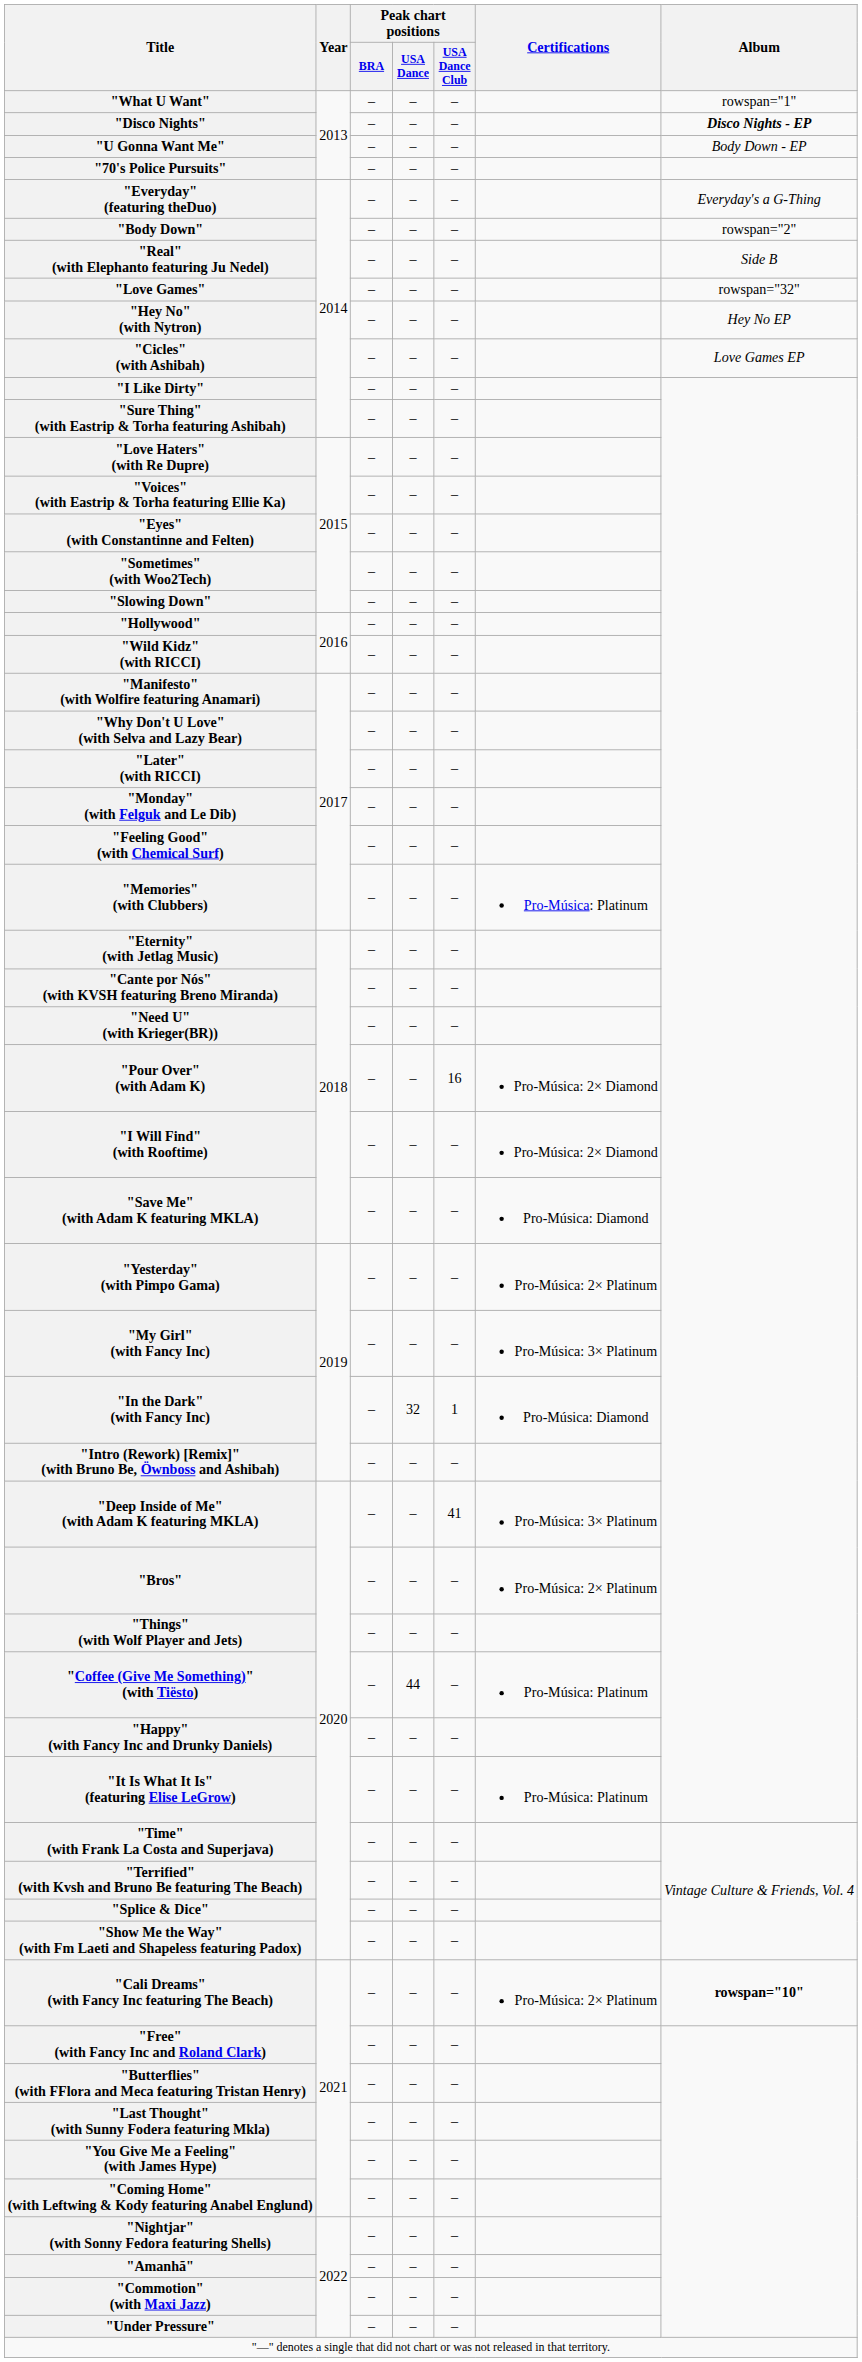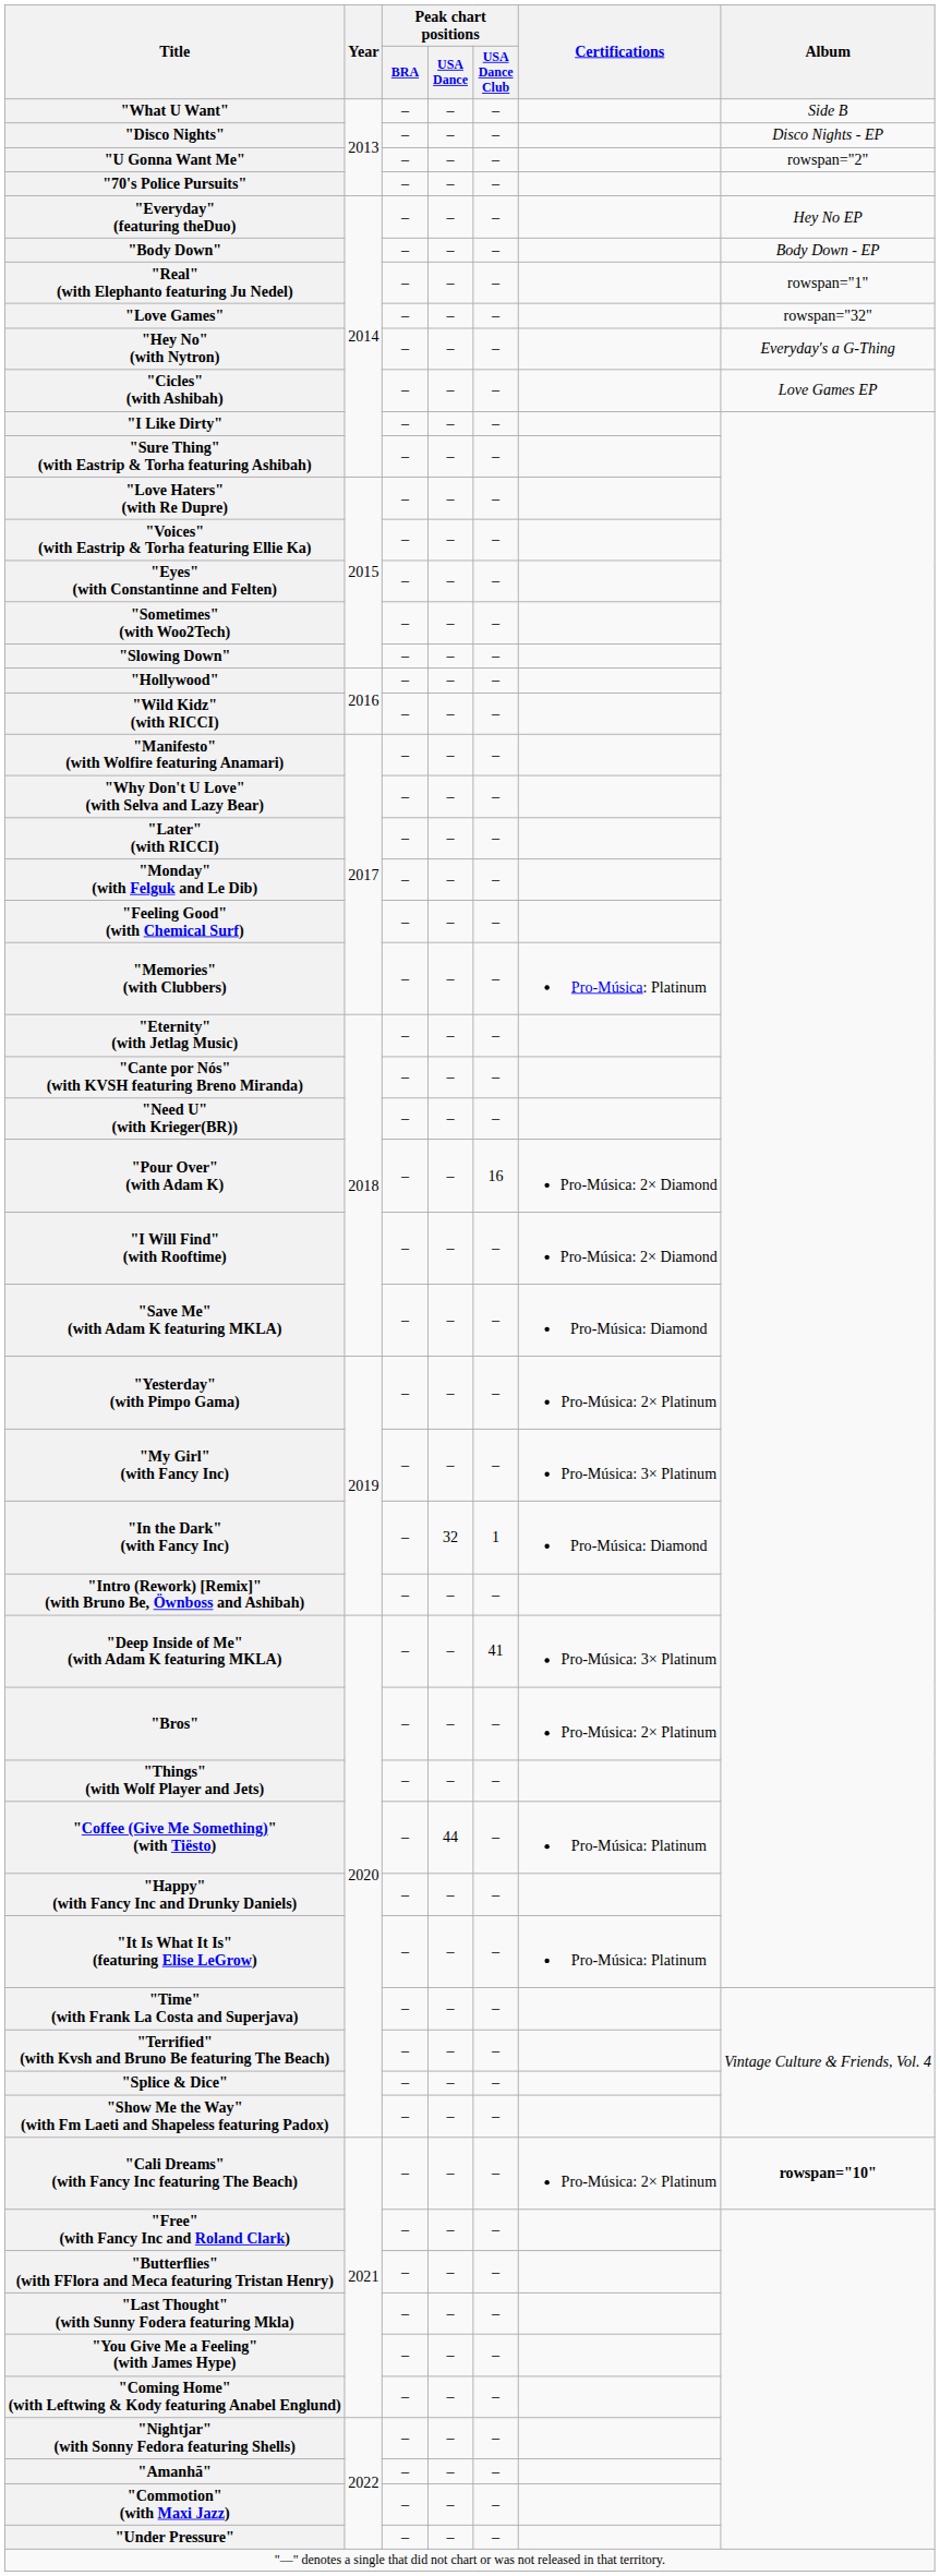 <table class="wikitable plainrowheaders" style="text-align:center;">
 <tr>
 <th rowspan="2" scope="col">Title</th>
 <th rowspan="2" scope="col">Year</th>
 <th colspan="3">Peak chart positions</th>
 <th rowspan="2"><a href='#'>Certifications</a></th>
 <th rowspan="2">Album</th>
 </tr>
 <tr>
 <th scope="col" style="width:3em;font-size:85%;"><a href='#'>BRA</a></th>
 <th scope="col" style="width:3em;font-size:85%;"><a href='#'>USA<br>Dance</a><br></th>
 <th scope="col" style="width:3em;font-size:85%;"><a href='#'>USA<br>Dance Club</a><br></th>
 </tr>
 <tr>
 <th scope="row">"What U Want"</th>
 <td rowspan="4">2013</td>
 <td>–</td>
 <td>–</td>
 <td>–</td>
 <td></td>
-<td>rowspan="1" </td>
+<td><em>Side B</em></td>
 </tr>
 <tr>
 <th scope="row">"Disco Nights"</th>
 <td>–</td>
 <td>–</td>
 <td>–</td>
 <td></td>
-<td><strong><em>Disco Nights - EP</em></strong></td>
+<td><em>Disco Nights - EP</em></td>
 </tr>
 <tr>
 <th scope="row">"U Gonna Want Me"</th>
 <td>–</td>
 <td>–</td>
 <td>–</td>
 <td></td>
-<td><em>Body Down - EP</em></td>
+<td>rowspan="2" </td>
 </tr>
 <tr>
 <th scope="row">"70's Police Pursuits"</th>
 <td>–</td>
 <td>–</td>
 <td>–</td>
 <td></td>
 </tr>
 <tr>
 <th scope="row">"Everyday"<br><span>(featuring theDuo)</span></th>
 <td rowspan="8">2014</td>
 <td>–</td>
 <td>–</td>
 <td>–</td>
 <td></td>
-<td><em>Everyday's a G-Thing</em></td>
+<td><em>Hey No EP</em></td>
 </tr>
 <tr>
 <th scope="row">"Body Down"</th>
 <td>–</td>
 <td>–</td>
 <td>–</td>
 <td></td>
-<td>rowspan="2" </td>
+<td><em>Body Down - EP</em></td>
 </tr>
 <tr>
 <th scope="row">"Real"<br><span>(with Elephanto featuring Ju Nedel)</span></th>
 <td>–</td>
 <td>–</td>
 <td>–</td>
 <td></td>
-<td><em>Side B</em></td>
+<td>rowspan="1" </td>
 </tr>
 <tr>
 <th scope="row">"Love Games"</th>
 <td>–</td>
 <td>–</td>
 <td>–</td>
 <td></td>
 <td>rowspan="32" </td>
 </tr>
 <tr>
 <th scope="row">"Hey No"<br><span>(with Nytron)</span></th>
 <td>–</td>
 <td>–</td>
 <td>–</td>
 <td></td>
-<td><em>Hey No EP</em></td>
+<td><em>Everyday's a G-Thing</em></td>
 </tr>
 <tr>
 <th scope="row">"Cicles"<br><span>(with Ashibah)</span></th>
 <td>–</td>
 <td>–</td>
 <td>–</td>
 <td></td>
 <td><em>Love Games EP</em></td>
 </tr>
 <tr>
 <th scope="row">"I Like Dirty"</th>
 <td>–</td>
 <td>–</td>
 <td>–</td>
 <td></td>
 </tr>
 <tr>
 <th scope="row">"Sure Thing"<br><span>(with Eastrip & Torha featuring Ashibah)</span></th>
 <td>–</td>
 <td>–</td>
 <td>–</td>
 <td></td>
 </tr>
 <tr>
 <th scope="row">"Love Haters"<br><span>(with Re Dupre)</span></th>
 <td rowspan="5">2015</td>
 <td>–</td>
 <td>–</td>
 <td>–</td>
 <td></td>
 </tr>
 <tr>
 <th scope="row">"Voices"<br><span>(with Eastrip & Torha featuring Ellie Ka)</span></th>
 <td>–</td>
 <td>–</td>
 <td>–</td>
 <td></td>
 </tr>
 <tr>
 <th scope="row">"Eyes"<br><span>(with Constantinne and Felten)</span></th>
 <td>–</td>
 <td>–</td>
 <td>–</td>
 <td></td>
 </tr>
 <tr>
 <th scope="row">"Sometimes"<br><span>(with Woo2Tech)</span></th>
 <td>–</td>
 <td>–</td>
 <td>–</td>
 <td></td>
 </tr>
 <tr>
 <th scope="row">"Slowing Down"</th>
 <td>–</td>
 <td>–</td>
 <td>–</td>
 <td></td>
 </tr>
 <tr>
 <th scope="row">"Hollywood"</th>
 <td rowspan="2">2016</td>
 <td>–</td>
 <td>–</td>
 <td>–</td>
 <td></td>
 </tr>
 <tr>
 <th scope="row">"Wild Kidz"<br><span>(with RICCI)</span></th>
 <td>–</td>
 <td>–</td>
 <td>–</td>
 <td></td>
 </tr>
 <tr>
 <th scope="row">"Manifesto"<br><span>(with Wolfire featuring Anamari)</span></th>
 <td rowspan="6">2017</td>
 <td>–</td>
 <td>–</td>
 <td>–</td>
 <td></td>
 </tr>
 <tr>
 <th scope="row">"Why Don't U Love"<br><span>(with Selva and Lazy Bear)</span></th>
 <td>–</td>
 <td>–</td>
 <td>–</td>
 <td></td>
 </tr>
 <tr>
 <th scope="row">"Later"<br><span>(with RICCI)</span></th>
 <td>–</td>
 <td>–</td>
 <td>–</td>
 <td></td>
 </tr>
 <tr>
 <th scope="row">"Monday"<br><span>(with <a href='#'>Felguk</a> and Le Dib)</span></th>
 <td>–</td>
 <td>–</td>
 <td>–</td>
 <td></td>
 </tr>
 <tr>
 <th scope="row">"Feeling Good"<br><span>(with <a href='#'>Chemical Surf</a>)</span></th>
 <td>–</td>
 <td>–</td>
 <td>–</td>
 <td></td>
 </tr>
 <tr>
 <th scope="row">"Memories"<br><span>(with Clubbers)</span></th>
 <td>–</td>
 <td>–</td>
 <td>–</td>
 <td><br><ul><li><a href='#'>Pro-Música</a>: Platinum</li></ul></td>
 </tr>
 <tr>
 <th scope="row">"Eternity"<br><span>(with Jetlag Music)</span></th>
 <td rowspan="6">2018</td>
 <td>–</td>
 <td>–</td>
 <td>–</td>
 <td></td>
 </tr>
 <tr>
 <th scope="row">"Cante por Nós"<br><span>(with KVSH featuring Breno Miranda)</span></th>
 <td>–</td>
 <td>–</td>
 <td>–</td>
 <td></td>
 </tr>
 <tr>
 <th scope="row">"Need U"<br><span>(with Krieger(BR))</span></th>
 <td>–</td>
 <td>–</td>
 <td>–</td>
 <td></td>
 </tr>
 <tr>
 <th scope="row">"Pour Over"<br><span>(with Adam K)</span></th>
 <td>–</td>
 <td>–</td>
 <td>16</td>
 <td><br><ul><li>Pro-Música: 2× Diamond</li></ul></td>
 </tr>
 <tr>
 <th scope="row">"I Will Find"<br><span>(with Rooftime)</span></th>
 <td>–</td>
 <td>–</td>
 <td>–</td>
 <td><br><ul><li>Pro-Música: 2× Diamond</li></ul></td>
 </tr>
 <tr>
 <th scope="row">"Save Me"<br><span>(with Adam K featuring MKLA)</span></th>
 <td>–</td>
 <td>–</td>
 <td>–</td>
 <td><br><ul><li>Pro-Música: Diamond</li></ul></td>
 </tr>
 <tr>
 <th scope="row">"Yesterday"<br><span>(with Pimpo Gama)</span></th>
 <td rowspan="4">2019</td>
 <td>–</td>
 <td>–</td>
 <td>–</td>
 <td><br><ul><li>Pro-Música: 2× Platinum</li></ul></td>
 </tr>
 <tr>
 <th scope="row">"My Girl"<br><span>(with Fancy Inc)</span></th>
 <td>–</td>
 <td>–</td>
 <td>–</td>
 <td><br><ul><li>Pro-Música: 3× Platinum</li></ul></td>
 </tr>
 <tr>
 <th scope="row">"In the Dark"<br><span>(with Fancy Inc)</span></th>
 <td>–</td>
 <td>32</td>
 <td>1</td>
 <td><br><ul><li>Pro-Música: Diamond</li></ul></td>
 </tr>
 <tr>
 <th scope="row">"Intro (Rework) [Remix]"<br><span>(with Bruno Be, <a href='#'>Öwnboss</a> and Ashibah)</span></th>
 <td>–</td>
 <td>–</td>
 <td>–</td>
 <td></td>
 </tr>
 <tr>
 <th scope="row">"Deep Inside of Me"<br><span>(with Adam K featuring MKLA)</span></th>
 <td rowspan="10">2020</td>
 <td>–</td>
 <td>–</td>
 <td>41</td>
 <td><br><ul><li>Pro-Música: 3× Platinum</li></ul></td>
 </tr>
 <tr>
 <th scope="row">"Bros"</th>
 <td>–</td>
 <td>–</td>
 <td>–</td>
 <td><br><ul><li>Pro-Música: 2× Platinum</li></ul></td>
 </tr>
 <tr>
 <th scope="row">"Things" <br><span>(with Wolf Player and Jets)</span></th>
 <td>–</td>
 <td>–</td>
 <td>–</td>
 <td></td>
 </tr>
 <tr>
 <th scope="row">"<a href='#'>Coffee (Give Me Something)</a>"<br><span>(with <a href='#'>Tiësto</a>)</span></th>
 <td>–</td>
 <td>44</td>
 <td>–</td>
 <td><br><ul><li>Pro-Música: Platinum</li></ul></td>
 </tr>
 <tr>
 <th scope="row">"Happy" <br><span>(with Fancy Inc and Drunky Daniels)</span></th>
 <td>–</td>
 <td>–</td>
 <td>–</td>
 <td></td>
 </tr>
 <tr>
 <th scope="row">"It Is What It Is" <br><span>(featuring <a href='#'>Elise LeGrow</a>)</span></th>
 <td>–</td>
 <td>–</td>
 <td>–</td>
 <td><br><ul><li>Pro-Música: Platinum</li></ul></td>
 </tr>
 <tr>
 <th scope="row">"Time" <br><span>(with Frank La Costa and Superjava)</span></th>
 <td>–</td>
 <td>–</td>
 <td>–</td>
 <td></td>
 <td rowspan="4"><em>Vintage Culture & Friends, Vol. 4</em></td>
 </tr>
 <tr>
 <th scope="row">"Terrified" <br><span>(with Kvsh and Bruno Be featuring The Beach)</span></th>
 <td>–</td>
 <td>–</td>
 <td>–</td>
 <td></td>
 </tr>
 <tr>
 <th scope="row">"Splice & Dice"</th>
 <td>–</td>
 <td>–</td>
 <td>–</td>
 <td></td>
 </tr>
 <tr>
 <th scope="row">"Show Me the Way" <br><span>(with Fm Laeti and Shapeless featuring Padox)</span></th>
 <td>–</td>
 <td>–</td>
 <td>–</td>
 <td></td>
 </tr>
 <tr>
 <th scope="row">"Cali Dreams" <br><span>(with Fancy Inc featuring The Beach)</span></th>
 <td rowspan="6">2021</td>
 <td>–</td>
 <td>–</td>
 <td>–</td>
 <td><br><ul><li>Pro-Música: 2× Platinum</li></ul></td>
 <td><strong>rowspan="10" </strong></td>
 </tr>
 <tr>
 <th scope="row">"Free" <br><span>(with Fancy Inc and <a href='#'>Roland Clark</a>)</span></th>
 <td>–</td>
 <td>–</td>
 <td>–</td>
 <td></td>
 </tr>
 <tr>
 <th scope="row">"Butterflies" <br><span>(with FFlora and Meca featuring Tristan Henry)</span></th>
 <td>–</td>
 <td>–</td>
 <td>–</td>
 <td></td>
 </tr>
 <tr>
 <th scope="row">"Last Thought" <br><span>(with Sunny Fodera featuring Mkla)</span></th>
 <td>–</td>
 <td>–</td>
 <td>–</td>
 <td></td>
 </tr>
 <tr>
 <th scope="row">"You Give Me a Feeling" <br><span>(with James Hype)</span></th>
 <td>–</td>
 <td>–</td>
 <td>–</td>
 <td></td>
 </tr>
 <tr>
 <th scope="row">"Coming Home" <br><span>(with Leftwing & Kody featuring Anabel Englund)</span></th>
 <td>–</td>
 <td>–</td>
 <td>–</td>
 <td></td>
 </tr>
 <tr>
 <th scope="row">"Nightjar" <br><span>(with Sonny Fedora featuring Shells)</span></th>
 <td rowspan="4">2022</td>
 <td>–</td>
 <td>–</td>
 <td>–</td>
 <td></td>
 </tr>
 <tr>
 <th scope="row">"Amanhã"</th>
 <td>–</td>
 <td>–</td>
 <td>–</td>
 <td></td>
 </tr>
 <tr>
 <th scope="row">"Commotion" <br><span>(with <a href='#'>Maxi Jazz</a>)</span></th>
 <td>–</td>
 <td>–</td>
 <td>–</td>
 <td></td>
 </tr>
 <tr>
 <th scope="row">"Under Pressure"<br></th>
 <td>–</td>
 <td>–</td>
 <td>–</td>
 <td></td>
 </tr>
 <tr>
 <td colspan="7" style="font-size:85%">"—" denotes a single that did not chart or was not released in that territory.</td>
 </tr>
 </table>
